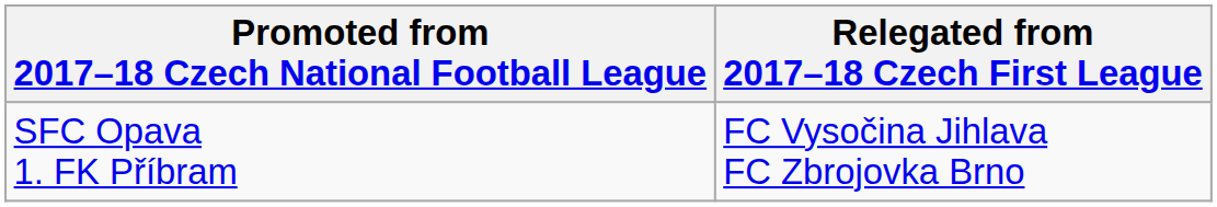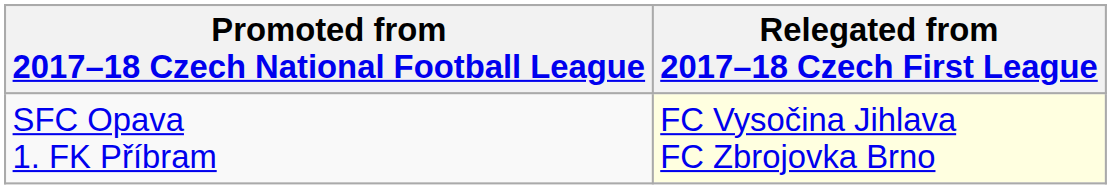 <table class="wikitable">
 <tr>
 <th>Promoted from<br><a href='#'>2017–18 Czech National Football League</a></th>
 <th>Relegated from<br><a href='#'>2017–18 Czech First League</a></th>
 </tr>
 <tr>
 <td><a href='#'>SFC Opava</a><br><a href='#'>1. FK Příbram</a></td>
-<td><a href='#'>FC Vysočina Jihlava</a><br><a href='#'>FC Zbrojovka Brno</a></td>
+<td style="background: lightyellow;"><a href='#'>FC Vysočina Jihlava</a><br><a href='#'>FC Zbrojovka Brno</a></td>
 </tr>
 </table>
